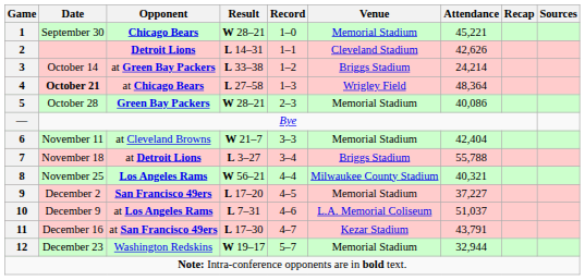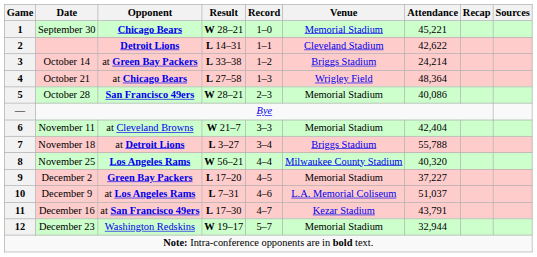 <table class="wikitable" style="text-align:center">
 <tr>
 <th>Game</th>
 <th>Date</th>
 <th>Opponent</th>
 <th>Result</th>
 <th>Record</th>
 <th>Venue</th>
 <th>Attendance</th>
 <th>Recap</th>
 <th>Sources</th>
 </tr>
 <tr style="background:#cfc">
 <th>1</th>
 <td>September 30</td>
 <td><strong><a href='#'>Chicago Bears</a></strong></td>
 <td><strong>W</strong> 28–21</td>
 <td>1–0</td>
 <td><a href='#'>Memorial Stadium</a></td>
 <td>45,221</td>
 <td></td>
 <td></td>
 </tr>
 <tr style="background:#fcc">
 <th>2</th>
 <td></td>
 <td><strong><a href='#'>Detroit Lions</a></strong></td>
 <td><strong>L</strong> 14–31</td>
 <td>1–1</td>
 <td><a href='#'>Cleveland Stadium</a></td>
-<td>42,626</td>
+<td>42,622</td>
 <td></td>
 <td></td>
 </tr>
 <tr style="background:#fcc">
 <th>3</th>
 <td>October 14</td>
 <td>at <strong><a href='#'>Green Bay Packers</a></strong></td>
 <td><strong>L</strong> 33–38</td>
 <td>1–2</td>
 <td><a href='#'>Briggs Stadium</a></td>
 <td>24,214</td>
 <td></td>
 <td></td>
 </tr>
 <tr style="background:#fcc">
 <th>4</th>
-<td><strong>October 21</strong></td>
+<td>October 21</td>
 <td>at <strong><a href='#'>Chicago Bears</a></strong></td>
 <td><strong>L</strong> 27–58</td>
 <td>1–3</td>
 <td><a href='#'>Wrigley Field</a></td>
 <td>48,364</td>
 <td></td>
 <td></td>
 </tr>
 <tr style="background:#cfc">
 <th>5</th>
 <td>October 28</td>
-<td><strong><a href='#'>Green Bay Packers</a></strong></td>
+<td><strong><a href='#'>San Francisco 49ers</a></strong></td>
 <td><strong>W</strong> 28–21</td>
 <td>2–3</td>
 <td>Memorial Stadium</td>
 <td>40,086</td>
 <td></td>
 <td></td>
 </tr>
 <tr>
 <th>—</th>
 <td colspan="7"><em><a href='#'>Bye</a></em></td>
 </tr>
 <tr style="background:#cfc">
 <th>6</th>
 <td>November 11</td>
 <td>at <a href='#'>Cleveland Browns</a></td>
 <td><strong>W</strong> 21–7</td>
 <td>3–3</td>
 <td>Memorial Stadium</td>
 <td>42,404</td>
 <td></td>
 <td></td>
 </tr>
 <tr style="background:#fcc">
 <th>7</th>
 <td>November 18</td>
 <td>at <strong><a href='#'>Detroit Lions</a></strong></td>
 <td><strong>L</strong> 3–27</td>
 <td>3–4</td>
 <td><a href='#'>Briggs Stadium</a></td>
 <td>55,788</td>
 <td></td>
 <td></td>
 </tr>
 <tr style="background:#cfc">
 <th>8</th>
 <td>November 25</td>
 <td><strong><a href='#'>Los Angeles Rams</a></strong></td>
 <td><strong>W</strong> 56–21</td>
 <td>4–4</td>
 <td><a href='#'>Milwaukee County Stadium</a></td>
-<td>40,321</td>
+<td>40,320</td>
 <td></td>
 <td></td>
 </tr>
 <tr style="background:#fcc">
 <th>9</th>
 <td>December 2</td>
-<td><strong><a href='#'>San Francisco 49ers</a></strong></td>
+<td><strong><a href='#'>Green Bay Packers</a></strong></td>
 <td><strong>L</strong> 17–20</td>
 <td>4–5</td>
 <td>Memorial Stadium</td>
 <td>37,227</td>
 <td></td>
 <td></td>
 </tr>
 <tr style="background:#fcc">
 <th>10</th>
 <td>December 9</td>
 <td>at <strong><a href='#'>Los Angeles Rams</a></strong></td>
 <td><strong>L</strong> 7–31</td>
 <td>4–6</td>
 <td><a href='#'>L.A. Memorial Coliseum</a></td>
 <td>51,037</td>
 <td></td>
 <td></td>
 </tr>
 <tr style="background:#fcc">
 <th>11</th>
 <td>December 16</td>
 <td>at <strong><a href='#'>San Francisco 49ers</a></strong></td>
 <td><strong>L</strong> 17–30</td>
 <td>4–7</td>
 <td><a href='#'>Kezar Stadium</a></td>
 <td>43,791</td>
 <td></td>
 <td></td>
 </tr>
 <tr style="background:#cfc">
 <th>12</th>
 <td>December 23</td>
 <td><a href='#'>Washington Redskins</a></td>
 <td><strong>W</strong> 19–17</td>
 <td>5–7</td>
 <td>Memorial Stadium</td>
 <td>32,944</td>
 <td></td>
 <td></td>
 </tr>
 <tr>
 <td colspan="10"><strong>Note:</strong> Intra-conference opponents are in <strong>bold</strong> text.</td>
 </tr>
 </table>
